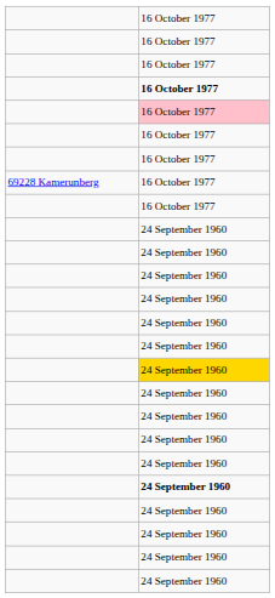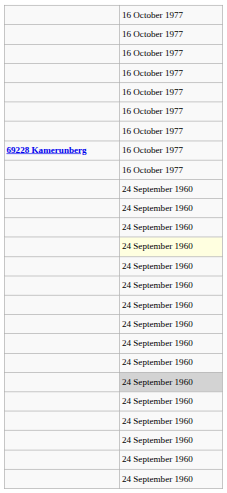 <table class="wikitable" style="font-size: 89%; float: left; width: 24em; margin-right: 1em; line-height: 1.65em">
 <tr>
 <td></td>
 <td>16 October 1977</td>
 </tr>
 <tr>
 <td></td>
 <td>16 October 1977</td>
 </tr>
 <tr>
 <td></td>
 <td>16 October 1977</td>
 </tr>
 <tr>
 <td></td>
-<td><strong>16 October 1977</strong></td>
-</tr>
-<tr>
-<td></td>
-<td style="background: pink;">16 October 1977</td>
+<td>16 October 1977</td>
 </tr>
 <tr>
 <td></td>
 <td>16 October 1977</td>
 </tr>
 <tr>
 <td></td>
 <td>16 October 1977</td>
 </tr>
 <tr>
-<td><a href='#'>69228 Kamerunberg</a></td>
+<td></td>
+<td>16 October 1977</td>
+</tr>
+<tr>
+<td><strong><a href='#'>69228 Kamerunberg</a></strong></td>
 <td>16 October 1977</td>
 </tr>
 <tr>
 <td></td>
 <td>16 October 1977</td>
+</tr>
+<tr>
+<td></td>
+<td>24 September 1960</td>
+</tr>
+<tr>
+<td></td>
+<td>24 September 1960</td>
+</tr>
+<tr>
+<td></td>
+<td>24 September 1960</td>
+</tr>
+<tr>
+<td></td>
+<td style="background: lightyellow;">24 September 1960</td>
 </tr>
 <tr>
 <td></td>
 <td>24 September 1960</td>
 </tr>
 <tr>
 <td></td>
 <td>24 September 1960</td>
 </tr>
 <tr>
 <td></td>
 <td>24 September 1960</td>
 </tr>
 <tr>
 <td></td>
 <td>24 September 1960</td>
 </tr>
 <tr>
 <td></td>
 <td>24 September 1960</td>
 </tr>
 <tr>
 <td></td>
 <td>24 September 1960</td>
 </tr>
 <tr>
 <td></td>
-<td style="background: gold;">24 September 1960</td>
+<td style="background: lightgrey;">24 September 1960</td>
 </tr>
 <tr>
 <td></td>
 <td>24 September 1960</td>
 </tr>
 <tr>
 <td></td>
 <td>24 September 1960</td>
 </tr>
 <tr>
 <td></td>
 <td>24 September 1960</td>
 </tr>
 <tr>
 <td></td>
 <td>24 September 1960</td>
 </tr>
 <tr>
 <td></td>
-<td><strong>24 September 1960</strong></td>
-</tr>
-<tr>
-<td></td>
-<td>24 September 1960</td>
-</tr>
-<tr>
-<td></td>
-<td>24 September 1960</td>
-</tr>
-<tr>
-<td></td>
-<td>24 September 1960</td>
-</tr>
-<tr>
-<td></td>
 <td>24 September 1960</td>
 </tr>
 </table>
